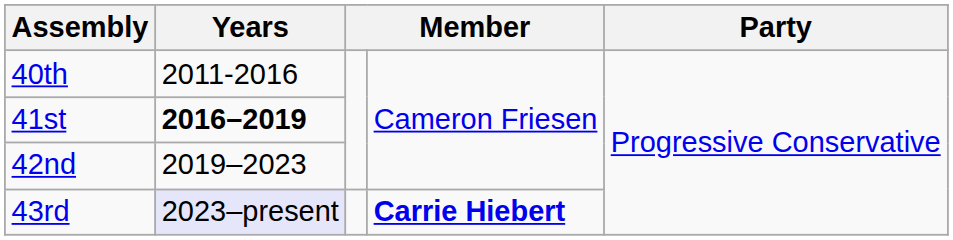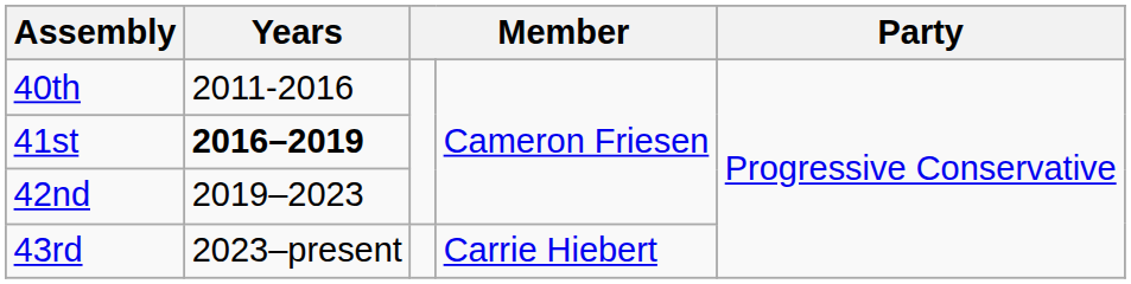 <table class="wikitable">
 <tr>
 <th>Assembly</th>
 <th>Years</th>
 <th colspan="2">Member</th>
 <th>Party<br></th>
 </tr>
 <tr>
 <td><a href='#'>40th</a></td>
 <td>2011-2016</td>
 <td rowspan=3 ></td>
 <td rowspan=3><a href='#'>Cameron Friesen</a></td>
 <td rowspan="4"><a href='#'>Progressive Conservative</a></td>
 </tr>
 <tr>
 <td><a href='#'>41st</a></td>
 <td><strong>2016–2019</strong></td>
 </tr>
 <tr>
 <td><a href='#'>42nd</a></td>
 <td>2019–2023</td>
 </tr>
 <tr>
 <td><a href='#'>43rd</a></td>
-<td style="background: lavender;">2023–present</td>
+<td>2023–present</td>
 <td> </td>
-<td><strong><a href='#'>Carrie Hiebert</a></strong></td>
+<td><a href='#'>Carrie Hiebert</a></td>
 </tr>
 </table>
